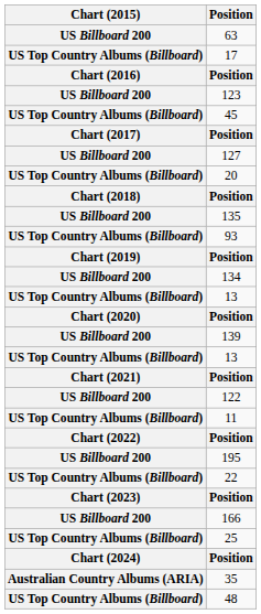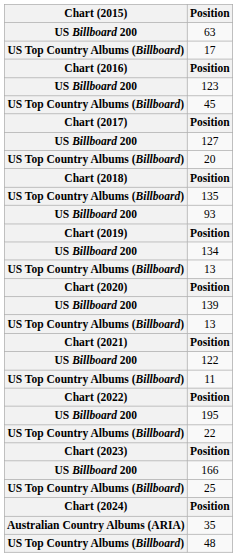 <table class="wikitable plainrowheaders">
 <tr>
 <th scope="col">Chart (2015)</th>
 <th scope="col">Position</th>
 </tr>
 <tr>
 <th scope="row">US <em>Billboard</em> 200</th>
 <td align="center">63</td>
 </tr>
 <tr>
 <th scope="row">US Top Country Albums (<em>Billboard</em>)</th>
 <td align="center">17</td>
 </tr>
 <tr>
 <th scope="col">Chart (2016)</th>
 <th scope="col">Position</th>
 </tr>
 <tr>
 <th scope="row">US <em>Billboard</em> 200</th>
 <td align="center">123</td>
 </tr>
 <tr>
 <th scope="row">US Top Country Albums (<em>Billboard</em>)</th>
 <td align="center">45</td>
 </tr>
 <tr>
 <th scope="col">Chart (2017)</th>
 <th scope="col">Position</th>
 </tr>
 <tr>
 <th scope="row">US <em>Billboard</em> 200</th>
 <td align="center">127</td>
 </tr>
 <tr>
 <th scope="row">US Top Country Albums (<em>Billboard</em>)</th>
 <td align="center">20</td>
 </tr>
 <tr>
 <th scope="col">Chart (2018)</th>
 <th scope="col">Position</th>
 </tr>
 <tr>
-<th scope="row">US <em>Billboard</em> 200</th>
+<th scope="row">US Top Country Albums (<em>Billboard</em>)</th>
 <td align="center">135</td>
 </tr>
 <tr>
-<th scope="row">US Top Country Albums (<em>Billboard</em>)</th>
+<th scope="row">US <em>Billboard</em> 200</th>
 <td align="center">93</td>
 </tr>
 <tr>
 <th scope="col">Chart (2019)</th>
 <th scope="col">Position</th>
 </tr>
 <tr>
 <th scope="row">US <em>Billboard</em> 200</th>
 <td align="center">134</td>
 </tr>
 <tr>
 <th scope="row">US Top Country Albums (<em>Billboard</em>)</th>
 <td align="center">13</td>
 </tr>
 <tr>
 <th scope="col">Chart (2020)</th>
 <th scope="col">Position</th>
 </tr>
 <tr>
 <th scope="row">US <em>Billboard</em> 200</th>
 <td align="center">139</td>
 </tr>
 <tr>
 <th scope="row">US Top Country Albums (<em>Billboard</em>)</th>
 <td align="center">13</td>
 </tr>
 <tr>
 <th scope="col">Chart (2021)</th>
 <th scope="col">Position</th>
 </tr>
 <tr>
 <th scope="row">US <em>Billboard</em> 200</th>
 <td align="center">122</td>
 </tr>
 <tr>
 <th scope="row">US Top Country Albums (<em>Billboard</em>)</th>
 <td align="center">11</td>
 </tr>
 <tr>
 <th scope="col">Chart (2022)</th>
 <th scope="col">Position</th>
 </tr>
 <tr>
 <th scope="row">US <em>Billboard</em> 200</th>
 <td align="center">195</td>
 </tr>
 <tr>
 <th scope="row">US Top Country Albums (<em>Billboard</em>)</th>
 <td align="center">22</td>
 </tr>
 <tr>
 <th scope="col">Chart (2023)</th>
 <th scope="col">Position</th>
 </tr>
 <tr>
 <th scope="row">US <em>Billboard</em> 200</th>
 <td align="center">166</td>
 </tr>
 <tr>
 <th scope="row">US Top Country Albums (<em>Billboard</em>)</th>
 <td align="center">25</td>
 </tr>
 <tr>
 <th scope="col">Chart (2024)</th>
 <th scope="col">Position</th>
 </tr>
 <tr>
 <th scope="row">Australian Country Albums (ARIA)</th>
 <td align="center">35</td>
 </tr>
 <tr>
 <th scope="row">US Top Country Albums (<em>Billboard</em>)</th>
 <td align="center">48</td>
 </tr>
 </table>
